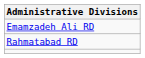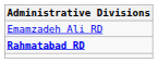 <table class="wikitable">
 <tr>
 <th>Administrative Divisions</th>
 </tr>
 <tr>
 <td><a href='#'>Emamzadeh Ali RD</a></td>
 </tr>
 <tr>
-<td><a href='#'>Rahmatabad RD</a></td>
+<td><strong><a href='#'>Rahmatabad RD</a></strong></td>
 </tr>
 <tr>
 <td colspan=1></td>
 </tr>
 </table>
